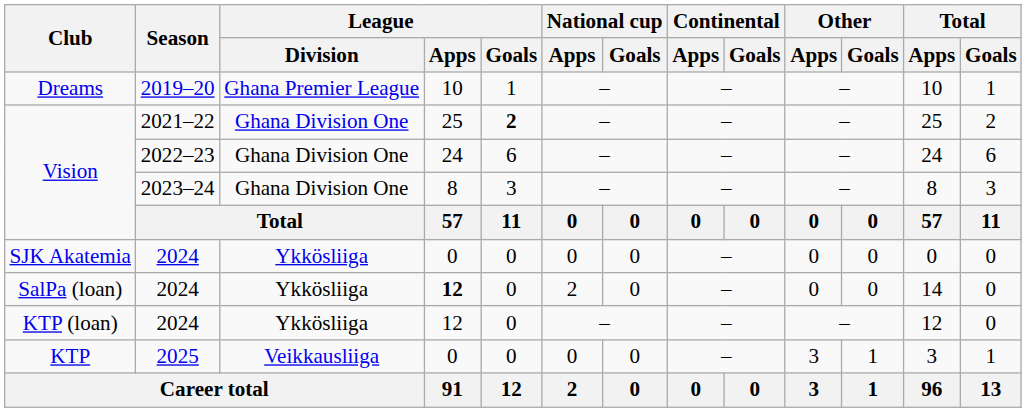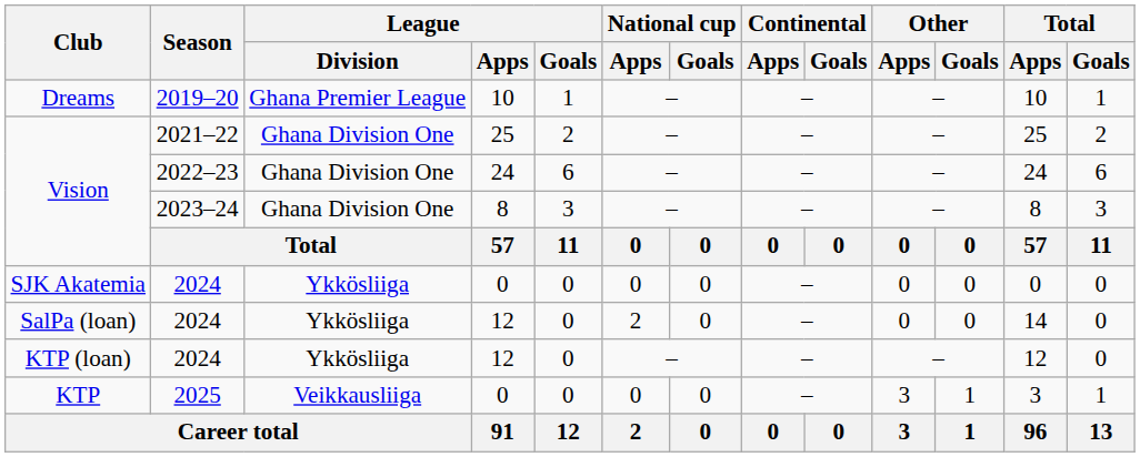 <table class="wikitable" style="text-align:center">
 <tr>
 <th rowspan="2">Club</th>
 <th rowspan="2">Season</th>
 <th colspan="3">League</th>
 <th colspan="2">National cup</th>
 <th colspan="2">Continental</th>
 <th colspan="2">Other</th>
 <th colspan="2">Total</th>
 </tr>
 <tr>
 <th>Division</th>
 <th>Apps</th>
 <th>Goals</th>
 <th>Apps</th>
 <th>Goals</th>
 <th>Apps</th>
 <th>Goals</th>
 <th>Apps</th>
 <th>Goals</th>
 <th>Apps</th>
 <th>Goals</th>
 </tr>
 <tr>
 <td><a href='#'>Dreams</a></td>
 <td><a href='#'>2019–20</a></td>
 <td><a href='#'>Ghana Premier League</a></td>
 <td>10</td>
 <td>1</td>
 <td colspan=2>–</td>
 <td colspan=2>–</td>
 <td colspan=2>–</td>
 <td>10</td>
 <td>1</td>
 </tr>
 <tr>
 <td rowspan=4><a href='#'>Vision</a></td>
 <td>2021–22</td>
 <td><a href='#'>Ghana Division One</a></td>
 <td>25</td>
-<td><strong>2</strong></td>
+<td>2</td>
 <td colspan=2>–</td>
 <td colspan=2>–</td>
 <td colspan=2>–</td>
 <td>25</td>
 <td>2</td>
 </tr>
 <tr>
 <td>2022–23</td>
 <td>Ghana Division One</td>
 <td>24</td>
 <td>6</td>
 <td colspan=2>–</td>
 <td colspan=2>–</td>
 <td colspan=2>–</td>
 <td>24</td>
 <td>6</td>
 </tr>
 <tr>
 <td>2023–24</td>
 <td>Ghana Division One</td>
 <td>8</td>
 <td>3</td>
 <td colspan=2>–</td>
 <td colspan=2>–</td>
 <td colspan=2>–</td>
 <td>8</td>
 <td>3</td>
 </tr>
 <tr>
 <th colspan="2">Total</th>
 <th>57</th>
 <th>11</th>
 <th>0</th>
 <th>0</th>
 <th>0</th>
 <th>0</th>
 <th>0</th>
 <th>0</th>
 <th>57</th>
 <th>11</th>
 </tr>
 <tr>
 <td><a href='#'>SJK Akatemia</a></td>
 <td><a href='#'>2024</a></td>
 <td><a href='#'>Ykkösliiga</a></td>
 <td>0</td>
 <td>0</td>
 <td>0</td>
 <td>0</td>
 <td colspan=2>–</td>
 <td>0</td>
 <td>0</td>
 <td>0</td>
 <td>0</td>
 </tr>
 <tr>
 <td><a href='#'>SalPa</a> (loan)</td>
 <td>2024</td>
 <td>Ykkösliiga</td>
-<td><strong>12</strong></td>
+<td>12</td>
 <td>0</td>
 <td>2</td>
 <td>0</td>
 <td colspan=2>–</td>
 <td>0</td>
 <td>0</td>
 <td>14</td>
 <td>0</td>
 </tr>
 <tr>
 <td><a href='#'>KTP</a> (loan)</td>
 <td>2024</td>
 <td>Ykkösliiga</td>
 <td>12</td>
 <td>0</td>
 <td colspan=2>–</td>
 <td colspan=2>–</td>
 <td colspan=2>–</td>
 <td>12</td>
 <td>0</td>
 </tr>
 <tr>
 <td><a href='#'>KTP</a></td>
 <td><a href='#'>2025</a></td>
 <td><a href='#'>Veikkausliiga</a></td>
 <td>0</td>
 <td>0</td>
 <td>0</td>
 <td>0</td>
 <td colspan=2>–</td>
 <td>3</td>
 <td>1</td>
 <td>3</td>
 <td>1</td>
 </tr>
 <tr>
 <th colspan="3">Career total</th>
 <th>91</th>
 <th>12</th>
 <th>2</th>
 <th>0</th>
 <th>0</th>
 <th>0</th>
 <th>3</th>
 <th>1</th>
 <th>96</th>
 <th>13</th>
 </tr>
 </table>
